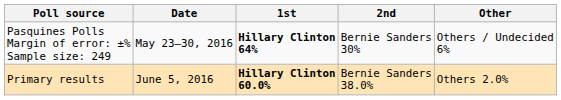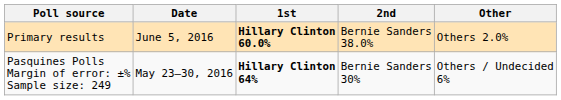 <table class="wikitable">
 <tr>
 <th>Poll source</th>
 <th>Date</th>
 <th>1st</th>
 <th>2nd</th>
 <th>Other</th>
 </tr>
+<tr style="background:Moccasin;">
+<td>Primary results</td>
+<td>June 5, 2016</td>
+<td><strong>Hillary Clinton <br> 60.0%</strong></td>
+<td>Bernie Sanders <br> 38.0%</td>
+<td>Others 2.0%</td>
+</tr>
 <tr>
 <td>Pasquines Polls<br>Margin of error: ±% <br>Sample size: 249</td>
 <td>May 23–30, 2016</td>
 <td><strong>Hillary Clinton <br>64%</strong></td>
 <td>Bernie Sanders<br>30%</td>
 <td>Others / Undecided<br>6%</td>
 </tr>
-<tr style="background:Moccasin;">
-<td>Primary results</td>
-<td>June 5, 2016</td>
-<td><strong>Hillary Clinton <br> 60.0%</strong></td>
-<td>Bernie Sanders <br> 38.0%</td>
-<td>Others 2.0%</td>
-</tr>
 </table>
